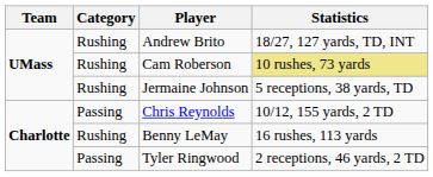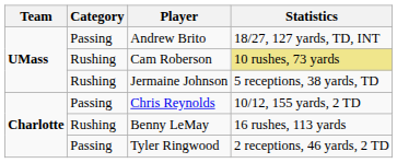 <table class="wikitable" style="float: left;">
 <tr>
 <th>Team</th>
 <th>Category</th>
 <th>Player</th>
 <th>Statistics</th>
 </tr>
 <tr>
 <td rowspan=3><strong>UMass</strong></td>
-<td>Rushing</td>
+<td>Passing</td>
 <td>Andrew Brito</td>
 <td>18/27, 127 yards, TD, INT</td>
 </tr>
 <tr>
 <td>Rushing</td>
 <td>Cam Roberson</td>
 <td style="background: khaki;">10 rushes, 73 yards</td>
 </tr>
 <tr>
 <td>Rushing</td>
 <td>Jermaine Johnson</td>
 <td>5 receptions, 38 yards, TD</td>
 </tr>
 <tr>
 <td rowspan=3><strong>Charlotte</strong></td>
 <td>Passing</td>
 <td><a href='#'>Chris Reynolds</a></td>
 <td>10/12, 155 yards, 2 TD</td>
 </tr>
 <tr>
 <td>Rushing</td>
 <td>Benny LeMay</td>
 <td>16 rushes, 113 yards</td>
 </tr>
 <tr>
 <td>Passing</td>
 <td>Tyler Ringwood</td>
 <td>2 receptions, 46 yards, 2 TD</td>
 </tr>
 </table>
